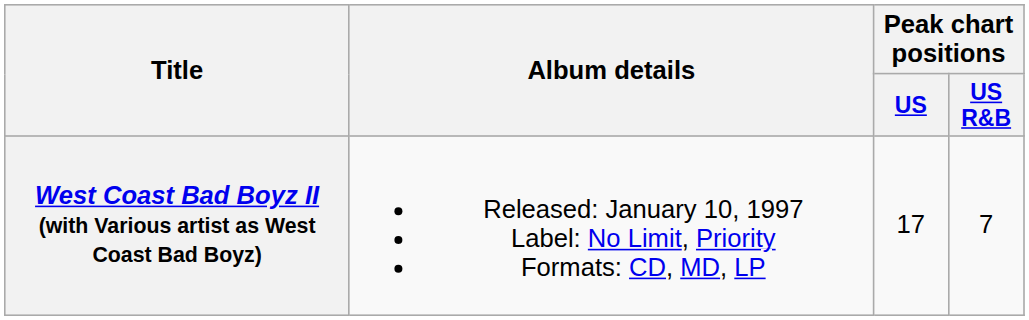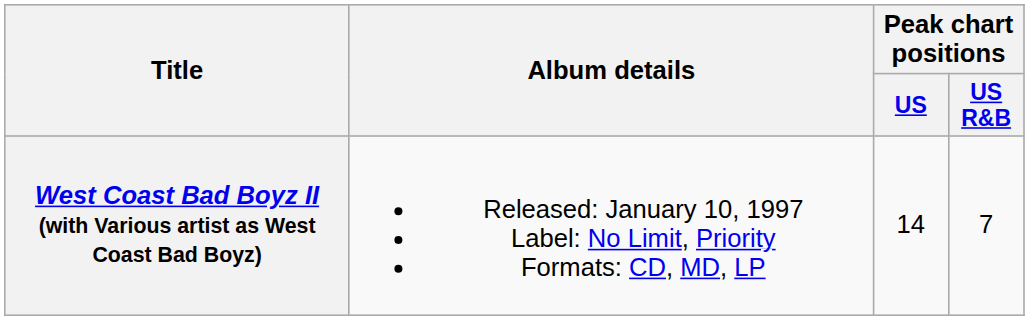 <table class="wikitable plainrowheaders" style="text-align:center;">
 <tr>
 <th scope="col" rowspan="2" style="width:13em;">Title</th>
 <th scope="col" rowspan="2" style="width:20em;">Album details</th>
 <th scope="col" colspan="2">Peak chart positions</th>
 </tr>
 <tr>
 <th scope="col" style="width:2.8em;font-size:90%;"><a href='#'>US</a><br></th>
 <th scope="col" style="width:2.8em;font-size:90%;"><a href='#'>US<br>R&B</a></th>
 </tr>
 <tr>
 <th scope="row"><em><a href='#'>West Coast Bad Boyz II</a></em><br><small>(with Various artist as West Coast Bad Boyz)</small></th>
 <td><br><ul><li>Released: January 10, 1997</li><li>Label: <a href='#'>No Limit</a>, <a href='#'>Priority</a></li><li>Formats: <a href='#'>CD</a>, <a href='#'>MD</a>, <a href='#'>LP</a></li></ul></td>
-<td>17</td>
+<td>14</td>
 <td>7</td>
 </tr>
 </table>
